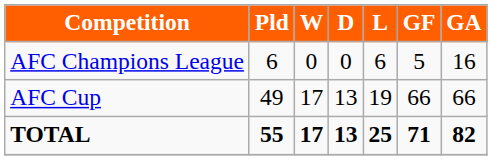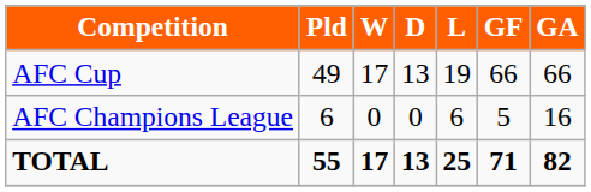 <table class="wikitable">
 <tr>
 <th style="color:white; background: #FF5F00;">Competition</th>
 <th style="color:white; background: #FF5F00;">Pld</th>
 <th style="color:white; background: #FF5F00;">W</th>
 <th style="color:white; background: #FF5F00;">D</th>
 <th style="color:white; background: #FF5F00;">L</th>
 <th style="color:white; background: #FF5F00;">GF</th>
 <th style="color:white; background: #FF5F00;">GA</th>
 </tr>
 <tr>
+<td><a href='#'>AFC Cup</a></td>
+<td style="text-align:center;">49</td>
+<td style="text-align:center;">17</td>
+<td style="text-align:center;">13</td>
+<td style="text-align:center;">19</td>
+<td style="text-align:center;">66</td>
+<td style="text-align:center;">66</td>
+</tr>
+<tr>
 <td><a href='#'>AFC Champions League</a></td>
 <td style="text-align:center;">6</td>
 <td style="text-align:center;">0</td>
 <td style="text-align:center;">0</td>
 <td style="text-align:center;">6</td>
 <td style="text-align:center;">5</td>
 <td style="text-align:center;">16</td>
-</tr>
-<tr>
-<td><a href='#'>AFC Cup</a></td>
-<td style="text-align:center;">49</td>
-<td style="text-align:center;">17</td>
-<td style="text-align:center;">13</td>
-<td style="text-align:center;">19</td>
-<td style="text-align:center;">66</td>
-<td style="text-align:center;">66</td>
 </tr>
 <tr>
 <td><strong>TOTAL</strong></td>
 <td style="text-align:center;"><strong>55</strong></td>
 <td style="text-align:center;"><strong>17</strong></td>
 <td style="text-align:center;"><strong>13</strong></td>
 <td style="text-align:center;"><strong>25</strong></td>
 <td style="text-align:center;"><strong>71</strong></td>
 <td style="text-align:center;"><strong>82</strong></td>
 </tr>
 <tr>
 </tr>
 </table>
